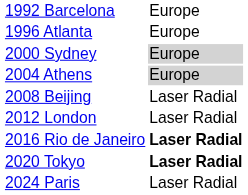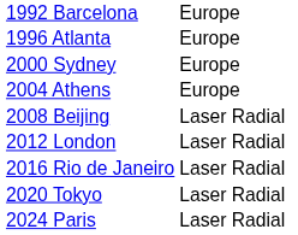 <table>
 <tr>
 <td nowrap=true><a href='#'>1992 Barcelona</a><br></td>
 <td>Europe</td>
 <td></td>
 <td></td>
 <td></td>
 </tr>
 <tr>
 <td><a href='#'>1996 Atlanta</a><br></td>
 <td>Europe</td>
 <td></td>
 <td></td>
 <td></td>
 </tr>
 <tr>
 <td><a href='#'>2000 Sydney</a><br></td>
-<td style="background: lightgrey;">Europe</td>
+<td>Europe</td>
 <td></td>
 <td></td>
 <td></td>
 </tr>
 <tr>
 <td><a href='#'>2004 Athens</a><br></td>
-<td style="background: lightgrey;">Europe</td>
+<td>Europe</td>
 <td></td>
 <td></td>
 <td></td>
 </tr>
 <tr>
 <td><a href='#'>2008 Beijing</a><br></td>
 <td>Laser Radial</td>
 <td></td>
 <td></td>
 <td></td>
 </tr>
 <tr>
 <td><a href='#'>2012 London</a><br></td>
 <td>Laser Radial</td>
 <td></td>
 <td></td>
 <td></td>
 </tr>
 <tr>
 <td><a href='#'>2016 Rio de Janeiro</a><br></td>
-<td><strong>Laser Radial</strong></td>
+<td>Laser Radial</td>
 <td></td>
 <td></td>
 <td></td>
 </tr>
 <tr>
 <td><a href='#'>2020 Tokyo</a> <br></td>
-<td><strong>Laser Radial</strong></td>
+<td>Laser Radial</td>
 <td></td>
 <td></td>
 <td></td>
 </tr>
 <tr>
 <td><a href='#'>2024 Paris</a> <br></td>
 <td>Laser Radial</td>
 <td></td>
 <td></td>
 <td></td>
 </tr>
 </table>
